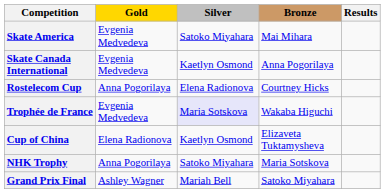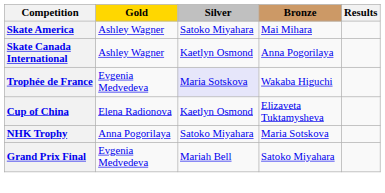 <table class="wikitable unsortable" style="text-align:left; width:90%">
 <tr>
 <th scope="col" style="text-align:center; width:25%;">Competition</th>
 <td scope="col" style="text-align:center; width:22.5%; background:gold"><strong>Gold</strong></td>
 <td scope="col" style="text-align:center; width:22.5%; background:silver"><strong>Silver</strong></td>
 <td scope="col" style="text-align:center; width:22.5%; background:#c96"><strong>Bronze</strong></td>
 <th scope="col" style="text-align:center; width:7.5%;">Results</th>
 </tr>
 <tr>
 <th scope="row" style="text-align:left"> <a href='#'>Skate America</a></th>
-<td> <a href='#'>Evgenia Medvedeva</a></td>
+<td> <a href='#'>Ashley Wagner</a></td>
 <td> <a href='#'>Satoko Miyahara</a></td>
 <td> <a href='#'>Mai Mihara</a></td>
 <td></td>
 </tr>
 <tr>
 <th scope="row" style="text-align:left"> <a href='#'>Skate Canada International</a></th>
-<td> <a href='#'>Evgenia Medvedeva</a></td>
+<td> <a href='#'>Ashley Wagner</a></td>
 <td> <a href='#'>Kaetlyn Osmond</a></td>
 <td> <a href='#'>Anna Pogorilaya</a></td>
-<td></td>
-</tr>
-<tr>
-<th scope="row" style="text-align:left"> <a href='#'>Rostelecom Cup</a></th>
-<td> <a href='#'>Anna Pogorilaya</a></td>
-<td> <a href='#'>Elena Radionova</a></td>
-<td> <a href='#'>Courtney Hicks</a></td>
 <td></td>
 </tr>
 <tr>
 <th scope="row" style="text-align:left"> <a href='#'>Trophée de France</a></th>
 <td> <a href='#'>Evgenia Medvedeva</a></td>
 <td style="background: lavender;"> <a href='#'>Maria Sotskova</a></td>
 <td> <a href='#'>Wakaba Higuchi</a></td>
 <td></td>
 </tr>
 <tr>
 <th scope="row" style="text-align:left"> <a href='#'>Cup of China</a></th>
 <td> <a href='#'>Elena Radionova</a></td>
 <td> <a href='#'>Kaetlyn Osmond</a></td>
 <td> <a href='#'>Elizaveta Tuktamysheva</a></td>
 <td></td>
 </tr>
 <tr>
 <th scope="row" style="text-align:left"> <a href='#'>NHK Trophy</a></th>
 <td> <a href='#'>Anna Pogorilaya</a></td>
 <td> <a href='#'>Satoko Miyahara</a></td>
 <td> <a href='#'>Maria Sotskova</a></td>
 <td></td>
 </tr>
 <tr>
 <th scope="row" style="text-align:left"> <a href='#'>Grand Prix Final</a></th>
-<td> <a href='#'>Ashley Wagner</a></td>
+<td> <a href='#'>Evgenia Medvedeva</a></td>
 <td> <a href='#'>Mariah Bell</a></td>
 <td> <a href='#'>Satoko Miyahara</a></td>
 <td></td>
 </tr>
 </table>
